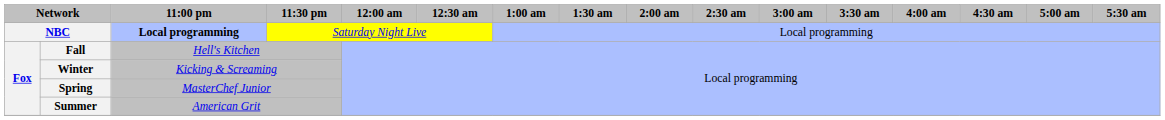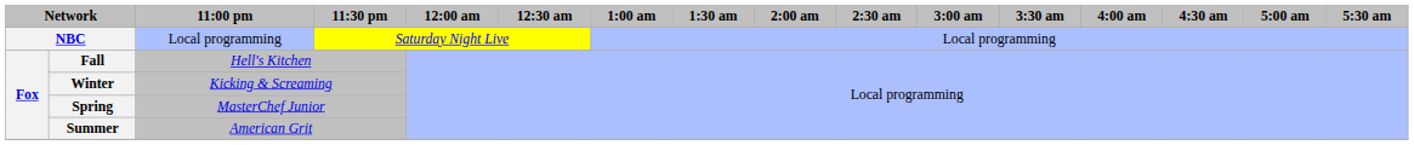 <table class="wikitable" style="width:100%;margin-right:0;text-align:center">
 <tr>
 <th colspan="2" style="background-color:#C0C0C0;text-align:center">Network</th>
 <th style="background-color:#C0C0C0;text-align:center">11:00 pm</th>
 <th style="background-color:#C0C0C0;text-align:center">11:30 pm</th>
 <th style="background-color:#C0C0C0;text-align:center">12:00 am</th>
 <th style="background-color:#C0C0C0;text-align:center">12:30 am</th>
 <th style="background-color:#C0C0C0;text-align:center">1:00 am</th>
 <th style="background-color:#C0C0C0;text-align:center">1:30 am</th>
 <th style="background-color:#C0C0C0;text-align:center">2:00 am</th>
 <th style="background-color:#C0C0C0;text-align:center">2:30 am</th>
 <th style="background-color:#C0C0C0;text-align:center">3:00 am</th>
 <th style="background-color:#C0C0C0;text-align:center">3:30 am</th>
 <th style="background-color:#C0C0C0;text-align:center">4:00 am</th>
 <th style="background-color:#C0C0C0;text-align:center">4:30 am</th>
 <th style="background-color:#C0C0C0;text-align:center">5:00 am</th>
 <th style="background-color:#C0C0C0;text-align:center">5:30 am</th>
 </tr>
 <tr>
 <th colspan="2"><a href='#'>NBC</a></th>
-<td style="background:#abbfff"><strong>Local programming</strong></td>
+<td style="background:#abbfff">Local programming</td>
 <td colspan="3" style="background:yellow"><em><a href='#'>Saturday Night Live</a></em>  </td>
 <td colspan="10" style="background:#abbfff">Local programming </td>
 </tr>
 <tr>
 <th rowspan="4"><a href='#'>Fox</a></th>
 <th>Fall</th>
 <td colspan="2" bgcolor="#C0C0C0"><em><a href='#'>Hell's Kitchen</a></em> </td>
 <td colspan="12" rowspan="4" style="background:#abbfff">Local programming</td>
 </tr>
 <tr>
 <th>Winter</th>
 <td colspan="2" bgcolor="#C0C0C0"><em><a href='#'>Kicking & Screaming</a></em> </td>
 </tr>
 <tr>
 <th>Spring</th>
 <td colspan="2" bgcolor="#C0C0C0"><em><a href='#'>MasterChef Junior</a></em> </td>
 </tr>
 <tr>
 <th>Summer</th>
 <td colspan="2" bgcolor="#C0C0C0"><em><a href='#'>American Grit</a></em> </td>
 </tr>
 <tr>
 </tr>
 </table>
